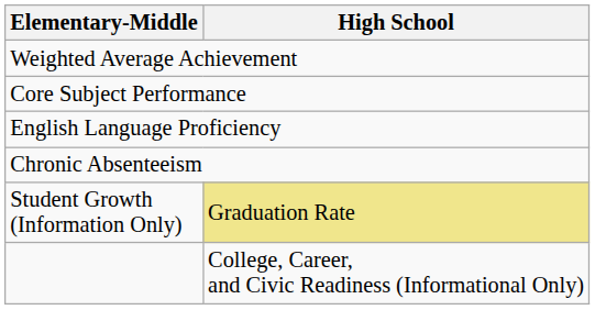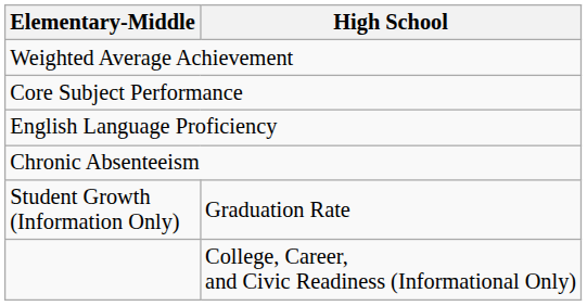 <table class="wikitable">
 <tr>
 <th>Elementary-Middle</th>
 <th>High School</th>
 </tr>
 <tr>
 <td colspan="2">Weighted Average Achievement</td>
 </tr>
 <tr>
 <td colspan="2">Core Subject Performance</td>
 </tr>
 <tr>
 <td colspan="2">English Language Proficiency</td>
 </tr>
 <tr>
 <td colspan="2">Chronic Absenteeism</td>
 </tr>
 <tr>
 <td>Student Growth<br>(Information Only)</td>
-<td style="background: khaki;">Graduation Rate</td>
+<td>Graduation Rate</td>
 </tr>
 <tr>
 <td></td>
 <td>College, Career,<br>and Civic Readiness  (Informational Only)</td>
 </tr>
 </table>
